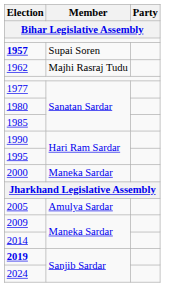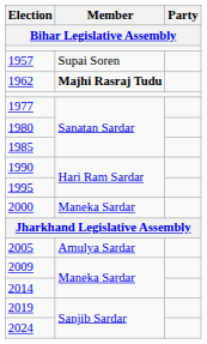 <table class="wikitable sortable">
 <tr>
 <th>Election</th>
 <th>Member</th>
 <th colspan=2>Party</th>
 </tr>
 <tr>
 <th colspan=4><a href='#'>Bihar Legislative Assembly</a></th>
 </tr>
 <tr>
 <td colspan="4"></td>
 </tr>
 <tr>
-<td><strong><a href='#'>1957</a></strong></td>
+<td><a href='#'>1957</a></td>
 <td>Supai Soren</td>
 <td></td>
 </tr>
 <tr>
 <td><a href='#'>1962</a></td>
-<td>Majhi Rasraj Tudu</td>
+<td><strong>Majhi Rasraj Tudu</strong></td>
 <td></td>
 </tr>
 <tr>
 <td colspan="4"></td>
 </tr>
 <tr>
 <td><a href='#'>1977</a></td>
 <td rowspan="3"><a href='#'>Sanatan Sardar</a></td>
 <td></td>
 </tr>
 <tr>
 <td><a href='#'>1980</a></td>
 <td></td>
 </tr>
 <tr>
 <td><a href='#'>1985</a></td>
 <td></td>
 </tr>
 <tr>
 <td><a href='#'>1990</a></td>
 <td rowspan="2"><a href='#'>Hari Ram Sardar</a></td>
 <td></td>
 </tr>
 <tr>
 <td><a href='#'>1995</a></td>
 </tr>
 <tr>
 <td><a href='#'>2000</a></td>
 <td><a href='#'>Maneka Sardar</a></td>
 <td></td>
 </tr>
 <tr>
 <th colspan=4><a href='#'>Jharkhand Legislative Assembly</a></th>
 </tr>
 <tr>
 <td><a href='#'>2005</a></td>
 <td><a href='#'>Amulya Sardar</a></td>
 <td></td>
 </tr>
 <tr>
 <td><a href='#'>2009</a></td>
 <td rowspan=2><a href='#'>Maneka Sardar</a></td>
 <td></td>
 </tr>
 <tr>
 <td><a href='#'>2014</a></td>
 </tr>
 <tr>
-<td><strong><a href='#'>2019</a></strong></td>
+<td><a href='#'>2019</a></td>
 <td rowspan=2><a href='#'>Sanjib Sardar</a></td>
 <td></td>
 </tr>
 <tr>
 <td><a href='#'>2024</a></td>
 </tr>
 </table>
